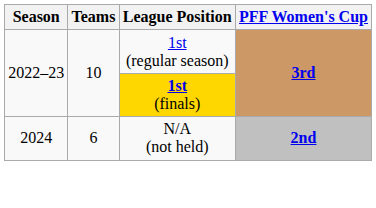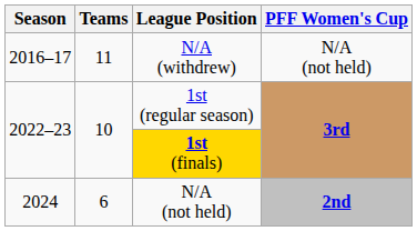 <table class="wikitable" style="text-align:center">
 <tr bgcolor="#efefef">
 <th>Season</th>
 <th>Teams</th>
 <th>League Position</th>
 <th><a href='#'>PFF Women's Cup</a></th>
+</tr>
+<tr>
+<td>2016–17</td>
+<td>11</td>
+<td><a href='#'>N/A</a><br>(withdrew)</td>
+<td>N/A<br>(not held)</td>
 </tr>
 <tr>
 <td rowspan=2>2022–23</td>
 <td rowspan=2>10</td>
 <td style="text-align:center;"><a href='#'>1st</a><br>(regular season)</td>
 <td rowspan=2 bgcolor=#c96><strong><a href='#'>3rd</a></strong></td>
 </tr>
 <tr>
 <td bgcolor=gold style="text-align:center;"><strong><a href='#'>1st</a></strong><br>(finals)</td>
 </tr>
 <tr>
 <td>2024</td>
 <td>6</td>
 <td>N/A<br>(not held)</td>
 <td bgcolor=silver><strong><a href='#'>2nd</a></strong></td>
 </tr>
 </table>
